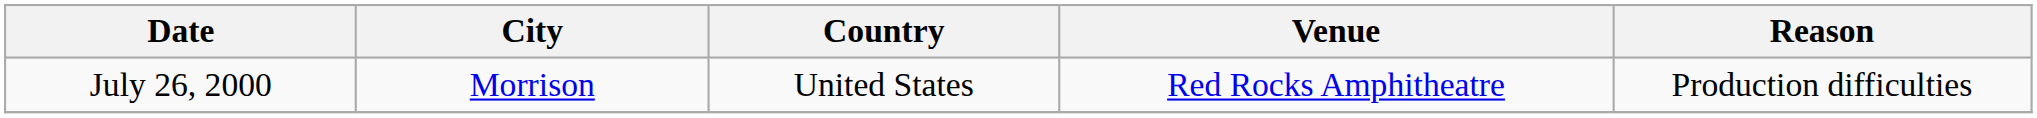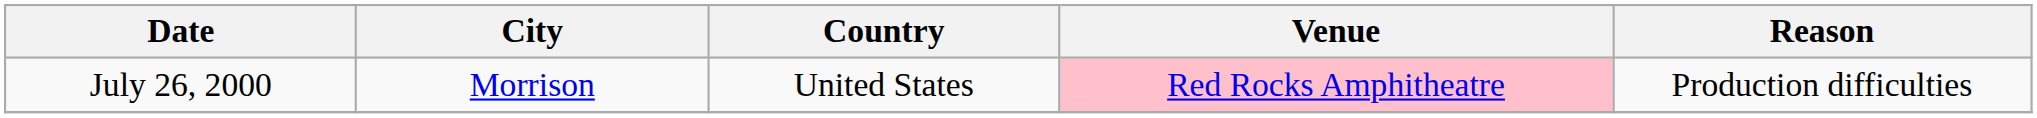 <table class="wikitable" style="text-align:center;">
 <tr>
 <th scope="col" style="width:10em;">Date</th>
 <th scope="col" style="width:10em;">City</th>
 <th scope="col" style="width:10em;">Country</th>
 <th scope="col" style="width:16em;">Venue</th>
 <th scope="col" style="width:12em;">Reason</th>
 </tr>
 <tr>
 <td>July 26, 2000</td>
 <td><a href='#'>Morrison</a></td>
 <td>United States</td>
-<td><a href='#'>Red Rocks Amphitheatre</a></td>
+<td style="background: pink;"><a href='#'>Red Rocks Amphitheatre</a></td>
 <td>Production difficulties</td>
 </tr>
 <tr>
 </tr>
 </table>
